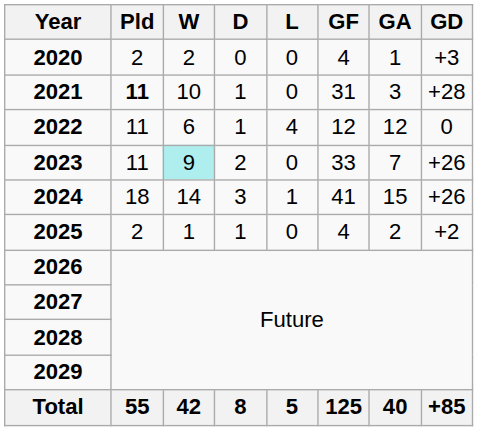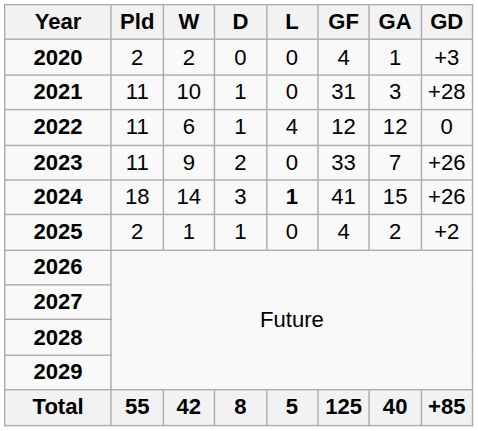 <table class="wikitable" style="text-align: center;">
 <tr>
 <th width=70>Year</th>
 <th width=30>Pld</th>
 <th width=30>W</th>
 <th width=30>D</th>
 <th width=30>L</th>
 <th width=30>GF</th>
 <th width=30>GA</th>
 <th width=30>GD</th>
 </tr>
 <tr>
 <td><strong>2020</strong></td>
 <td>2</td>
 <td>2</td>
 <td>0</td>
 <td>0</td>
 <td>4</td>
 <td>1</td>
 <td>+3</td>
 </tr>
 <tr>
 <td><strong>2021</strong></td>
-<td><strong>11</strong></td>
+<td>11</td>
 <td>10</td>
 <td>1</td>
 <td>0</td>
 <td>31</td>
 <td>3</td>
 <td>+28</td>
 </tr>
 <tr>
 <td><strong>2022</strong></td>
 <td>11</td>
 <td>6</td>
 <td>1</td>
 <td>4</td>
 <td>12</td>
 <td>12</td>
 <td>0</td>
 </tr>
 <tr>
 <td><strong>2023</strong></td>
 <td>11</td>
-<td style="background: paleturquoise;">9</td>
+<td>9</td>
 <td>2</td>
 <td>0</td>
 <td>33</td>
 <td>7</td>
 <td>+26</td>
 </tr>
 <tr>
 <td><strong>2024</strong></td>
 <td>18</td>
 <td>14</td>
 <td>3</td>
-<td>1</td>
+<td><strong>1</strong></td>
 <td>41</td>
 <td>15</td>
 <td>+26</td>
 </tr>
 <tr>
 <td><strong>2025</strong></td>
 <td>2</td>
 <td>1</td>
 <td>1</td>
 <td>0</td>
 <td>4</td>
 <td>2</td>
 <td>+2</td>
 </tr>
 <tr>
 <td><strong>2026</strong></td>
 <td colspan=7 rowspan=4>Future</td>
 </tr>
 <tr>
 <td><strong>2027</strong></td>
 </tr>
 <tr>
 <td><strong>2028</strong></td>
 </tr>
 <tr>
 <td><strong>2029</strong></td>
 </tr>
 <tr>
 <th>Total</th>
 <th>55</th>
 <th>42</th>
 <th>8</th>
 <th>5</th>
 <th>125</th>
 <th>40</th>
 <th>+85</th>
 </tr>
 </table>
